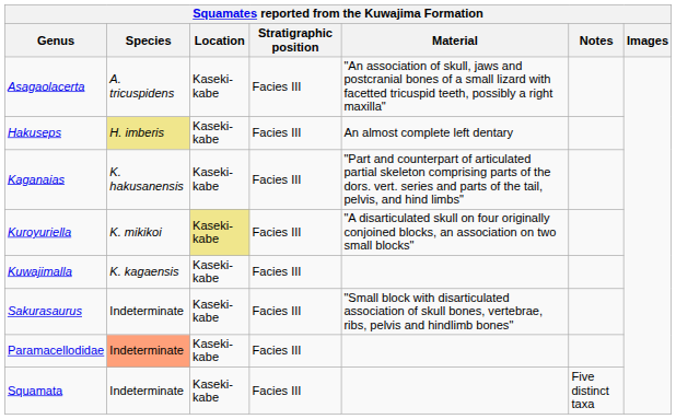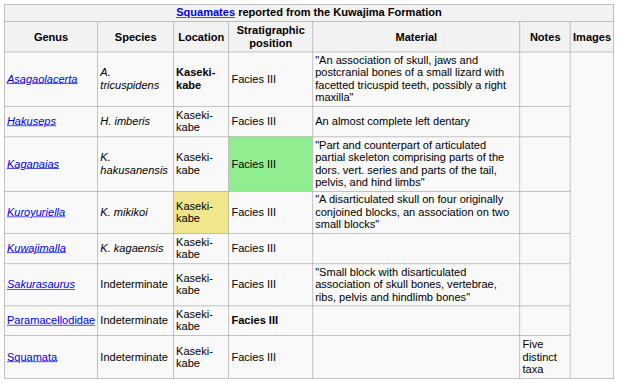 <table class="wikitable" align="center" width="100%">
 <tr>
 <th colspan="7" align="center"><strong><a href='#'>Squamates</a> reported from the Kuwajima Formation</strong></th>
 </tr>
 <tr>
 <th>Genus</th>
 <th>Species</th>
 <th>Location</th>
 <th>Stratigraphic position</th>
 <th>Material</th>
 <th>Notes</th>
 <th>Images</th>
 </tr>
 <tr>
 <td><em><a href='#'>Asagaolacerta</a></em></td>
 <td><em>A. tricuspidens</em></td>
-<td>Kaseki-kabe</td>
+<td><strong>Kaseki-kabe</strong></td>
 <td>Facies III</td>
 <td>"An association of skull, jaws and postcranial bones of a small lizard with facetted tricuspid teeth, possibly a right maxilla"</td>
 <td></td>
 <td rowspan="99"><br></td>
 </tr>
 <tr>
 <td><em><a href='#'>Hakuseps</a></em></td>
-<td style="background: khaki;"><em>H. imberis</em></td>
+<td><em>H. imberis</em></td>
 <td>Kaseki-kabe</td>
 <td>Facies III</td>
 <td>An almost complete left dentary</td>
 <td></td>
 </tr>
 <tr>
 <td><em><a href='#'>Kaganaias</a></em></td>
 <td><em>K. hakusanensis</em></td>
 <td>Kaseki-kabe</td>
-<td>Facies III</td>
+<td style="background: lightgreen;">Facies III</td>
 <td>"Part and counterpart of articulated partial skeleton comprising parts of the dors. vert. series and parts of the tail, pelvis, and hind limbs"</td>
 <td></td>
 </tr>
 <tr>
 <td><em><a href='#'>Kuroyuriella</a></em></td>
 <td><em>K. mikikoi</em></td>
 <td style="background: khaki;">Kaseki-kabe</td>
 <td>Facies III</td>
 <td>"A disarticulated skull on four originally conjoined blocks, an association on two small blocks"</td>
 <td></td>
 </tr>
 <tr>
 <td><em><a href='#'>Kuwajimalla</a></em></td>
 <td><em>K. kagaensis</em></td>
 <td>Kaseki-kabe</td>
 <td>Facies III</td>
 <td></td>
 <td></td>
 </tr>
 <tr>
 <td><em><a href='#'>Sakurasaurus</a></em></td>
 <td>Indeterminate</td>
 <td>Kaseki-kabe</td>
 <td>Facies III</td>
 <td>"Small block with disarticulated association of skull bones, vertebrae, ribs, pelvis and hindlimb bones"</td>
 <td></td>
 </tr>
 <tr>
 <td><a href='#'>Paramacellodidae</a></td>
-<td style="background: lightsalmon;">Indeterminate</td>
+<td>Indeterminate</td>
 <td>Kaseki-kabe</td>
-<td>Facies III</td>
+<td><strong>Facies III</strong></td>
 <td></td>
 <td></td>
 </tr>
 <tr>
 <td><a href='#'>Squamata</a></td>
 <td>Indeterminate</td>
 <td>Kaseki-kabe</td>
 <td>Facies III</td>
 <td></td>
 <td>Five distinct taxa</td>
 </tr>
 </table>
